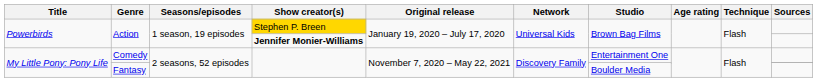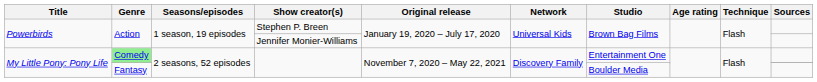 <table class="wikitable sortable" style="text-align: left; font-size:90%; width:100%;">
 <tr>
 <th>Title</th>
 <th>Genre</th>
 <th>Seasons/episodes</th>
 <th>Show creator(s)</th>
 <th>Original release</th>
 <th>Network</th>
 <th>Studio</th>
 <th>Age rating</th>
 <th>Technique</th>
 <th>Sources</th>
 </tr>
 <tr>
 <td rowspan="2"><em><a href='#'>Powerbirds</a></em></td>
 <td rowspan="2"><a href='#'>Action</a></td>
 <td rowspan="2">1 season, 19 episodes</td>
-<td style="background: gold;">Stephen P. Breen</td>
+<td>Stephen P. Breen</td>
 <td rowspan="2">January 19, 2020 – July 17, 2020</td>
 <td rowspan="2"><a href='#'>Universal Kids</a></td>
 <td rowspan="2"><a href='#'>Brown Bag Films</a></td>
 <td rowspan="2"></td>
 <td rowspan="2">Flash</td>
 <td></td>
 </tr>
 <tr>
-<td><strong>Jennifer Monier-Williams</strong></td>
+<td>Jennifer Monier-Williams</td>
 <td></td>
 </tr>
 <tr>
 <td rowspan="3"><em><a href='#'>My Little Pony: Pony Life</a></em></td>
-<td><a href='#'>Comedy</a></td>
+<td style="background: lightgreen;"><a href='#'>Comedy</a></td>
 <td rowspan="3">2 seasons, 52 episodes</td>
 <td rowspan="3"></td>
 <td rowspan="3">November 7, 2020 – May 22, 2021</td>
 <td rowspan="3"><a href='#'>Discovery Family</a></td>
 <td rowspan="2"><a href='#'>Entertainment One</a></td>
 <td rowspan="3"></td>
 <td rowspan="3">Flash</td>
 <td></td>
 </tr>
 <tr>
 <td rowspan="2"><a href='#'>Fantasy</a></td>
 </tr>
 <tr>
 <td><a href='#'>Boulder Media</a></td>
 <td></td>
 </tr>
 </table>
